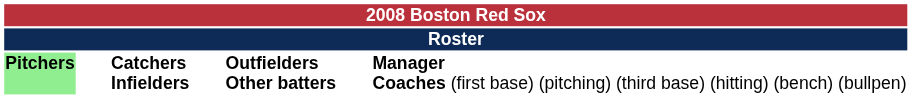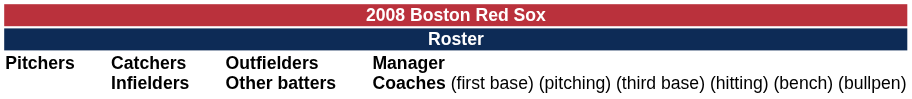 <table class="toccolours" style="text-align: left;">
 <tr>
 <th colspan="10" style="background:#ba313c; color:#fff; text-align:center;">2008 Boston Red Sox</th>
 </tr>
 <tr>
 <td colspan="10" style="background:#0d2b56; color:white; text-align:center;"><strong>Roster</strong></td>
 </tr>
 <tr>
-<td valign="top" style="background: lightgreen;"><strong>Pitchers</strong><br>                      </td>
+<td valign="top"><strong>Pitchers</strong><br>                      </td>
 <td style="width:25px;"></td>
 <td valign="top"><strong>Catchers</strong><br>    <strong>Infielders</strong>         </td>
 <td style="width:25px;"></td>
 <td valign="top"><strong>Outfielders</strong><br>          <strong>Other batters</strong> </td>
 <td style="width:25px;"></td>
 <td valign="top"><strong>Manager</strong><br> <strong>Coaches</strong>  (first base)  (pitching)  (third base)  (hitting)  (bench)  (bullpen)</td>
 </tr>
 </table>
